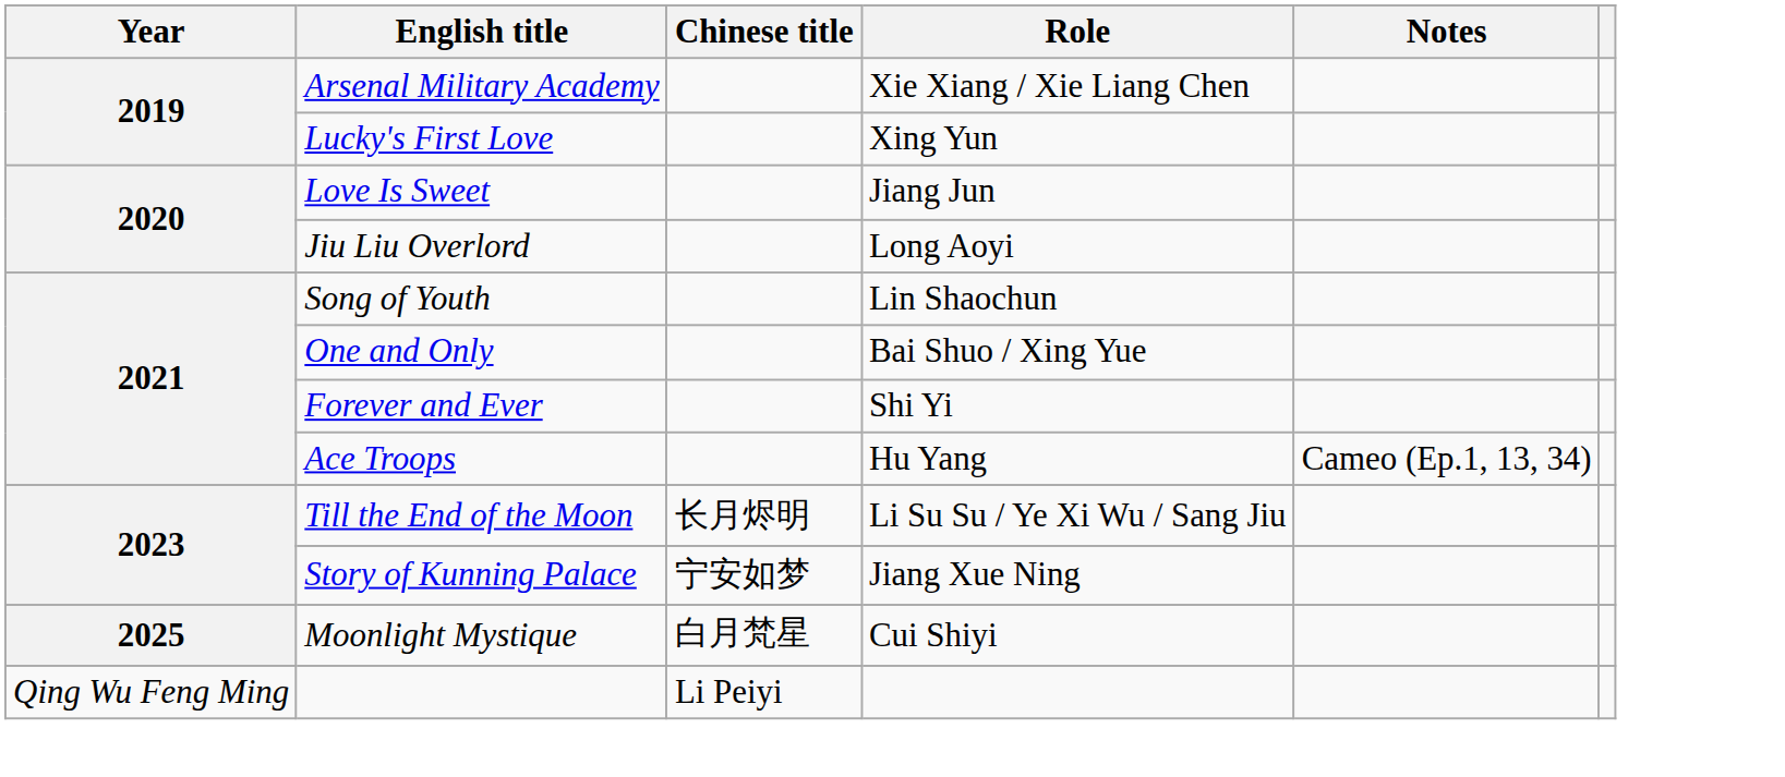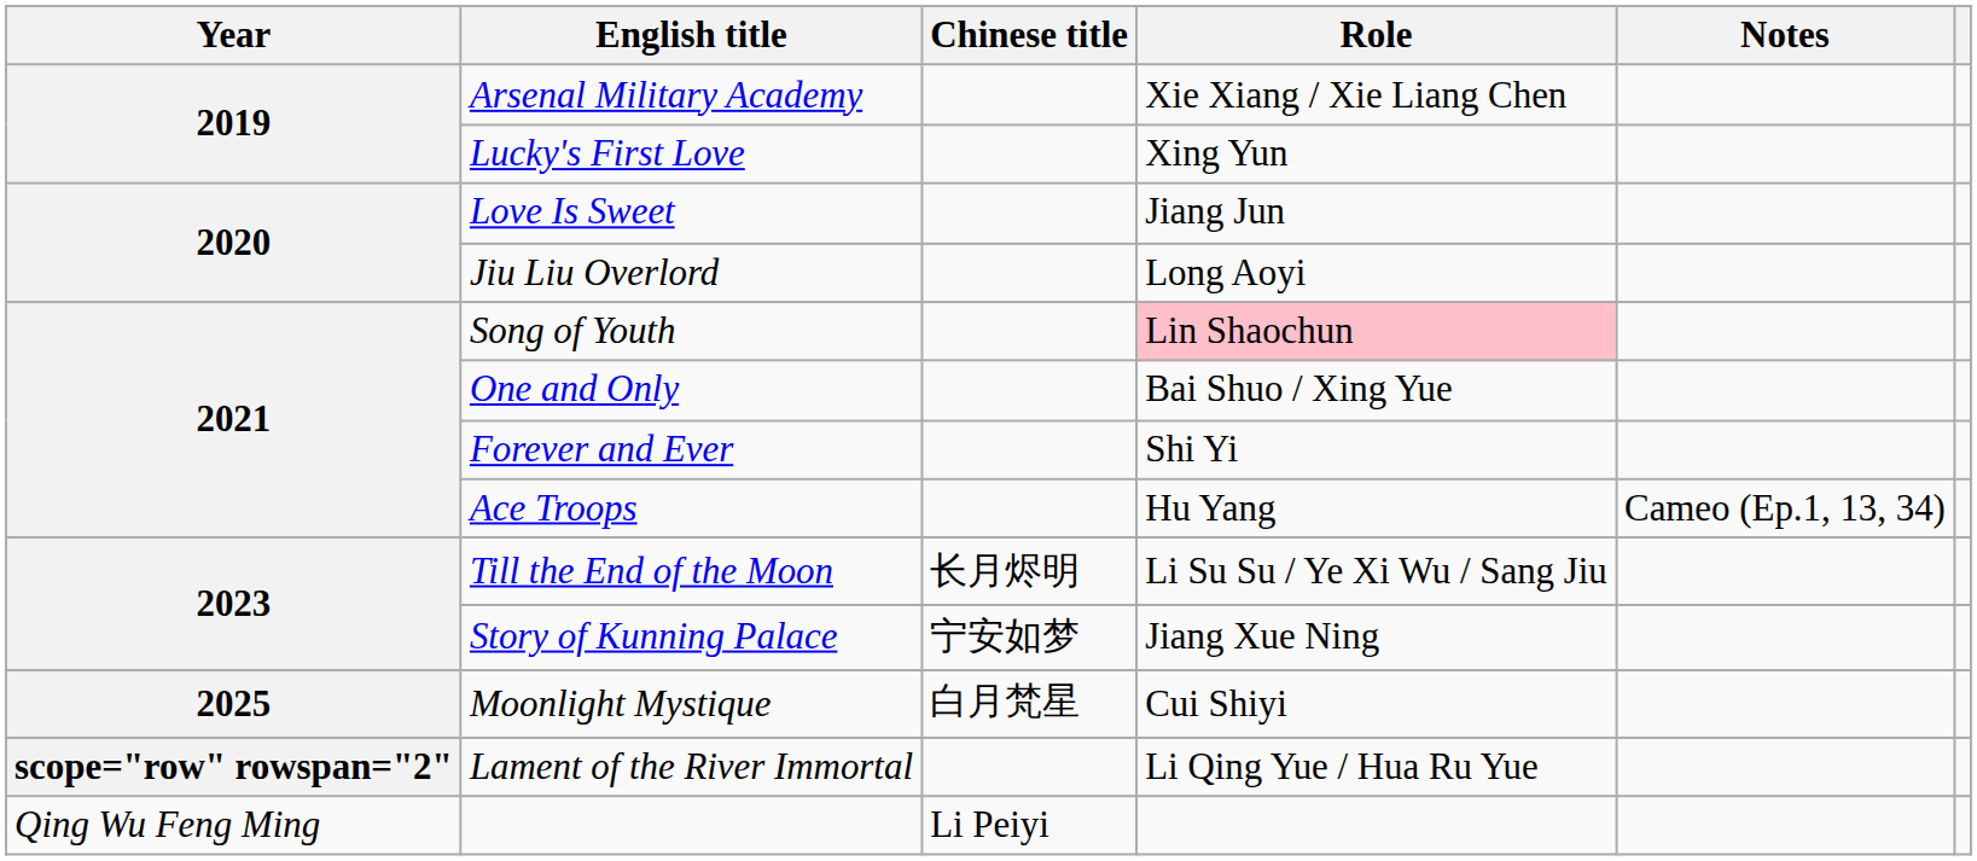 <table class="wikitable plainrowheaders">
 <tr>
 <th scope="col">Year</th>
 <th scope="col">English title</th>
 <th scope="col">Chinese title</th>
 <th scope="col">Role</th>
 <th scope="col">Notes</th>
 <th scope="col" class="unsortable"></th>
 </tr>
 <tr>
 <th scope="row" rowspan="2">2019</th>
 <td><em><a href='#'>Arsenal Military Academy</a></em></td>
 <td></td>
 <td>Xie Xiang / Xie Liang Chen</td>
 <td></td>
 <td style="text-align:center"></td>
 </tr>
 <tr>
 <td><em><a href='#'>Lucky's First Love</a></em></td>
 <td></td>
 <td>Xing Yun</td>
 <td></td>
 <td style="text-align:center"></td>
 </tr>
 <tr>
 <th scope="row" rowspan="2">2020</th>
 <td><em><a href='#'>Love Is Sweet</a></em></td>
 <td></td>
 <td>Jiang Jun</td>
 <td></td>
 <td style="text-align:center"></td>
 </tr>
 <tr>
 <td><em>Jiu Liu Overlord</em></td>
 <td></td>
 <td>Long Aoyi</td>
 <td></td>
 <td style="text-align:center"></td>
 </tr>
 <tr>
 <th scope="row" rowspan="4">2021</th>
 <td><em>Song of Youth</em></td>
 <td></td>
-<td>Lin Shaochun</td>
+<td style="background: pink;">Lin Shaochun</td>
 <td></td>
 <td style="text-align:center"></td>
 </tr>
 <tr>
 <td><em><a href='#'>One and Only</a></em></td>
 <td></td>
 <td>Bai Shuo / Xing Yue</td>
 <td></td>
 <td style="text-align:center"></td>
 </tr>
 <tr>
 <td><em><a href='#'>Forever and Ever</a></em></td>
 <td></td>
 <td>Shi Yi</td>
 <td></td>
 <td style="text-align:center"></td>
 </tr>
 <tr>
 <td><em><a href='#'>Ace Troops</a></em></td>
 <td></td>
 <td>Hu Yang</td>
 <td>Cameo (Ep.1, 13, 34)</td>
 <td style="text-align:center"></td>
 </tr>
 <tr>
 <th scope="row" rowspan="2">2023</th>
 <td><em><a href='#'>Till the End of the Moon</a></em></td>
 <td>长月烬明</td>
 <td>Li Su Su / Ye Xi Wu / Sang Jiu</td>
 <td></td>
 <td style="text-align:center"></td>
 </tr>
 <tr>
 <td><em><a href='#'>Story of Kunning Palace</a></em></td>
 <td>宁安如梦</td>
 <td>Jiang Xue Ning</td>
 <td></td>
 <td style="text-align:center"></td>
 </tr>
 <tr>
 <th scope="row">2025</th>
 <td><em>Moonlight Mystique</em></td>
 <td>白月梵星</td>
 <td>Cui Shiyi</td>
 <td></td>
 <td style="text-align:center"></td>
 </tr>
 <tr>
+<th>scope="row" rowspan="2" </th>
+<td><em>Lament of the River Immortal</em></td>
+<td></td>
+<td>Li Qing Yue / Hua Ru Yue</td>
+<td></td>
+<td style="text-align:center"></td>
+</tr>
+<tr>
 <td><em>Qing Wu Feng Ming</em></td>
 <td></td>
 <td>Li Peiyi</td>
 <td></td>
 <td style="text-align:center"></td>
 </tr>
 </table>
